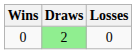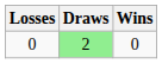 <table class="wikitable">
 <tr>
+<th>Losses</th>
+<th>Draws</th>
 <th>Wins</th>
-<th>Draws</th>
-<th>Losses</th>
 </tr>
 <tr>
 <td align=center>0</td>
 <td align=center style="background: lightgreen;">2</td>
 <td align=center>0</td>
 </tr>
 </table>
